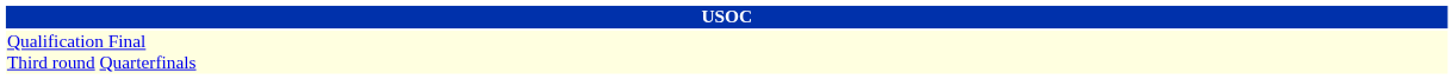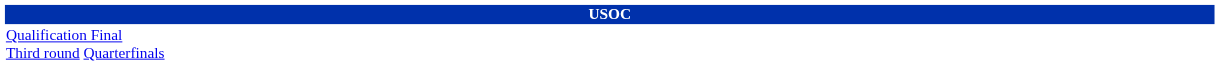 <table class="toccolours collapsible collapsed" style="width:100%;">
 <tr>
 <th colspan="11" style="background:#0031ab; color:#fff;">USOC</th>
 </tr>
 <tr>
-<td style="background: lightyellow;"><a href='#'>Qualification Final</a><br><a href='#'>Third round</a> <a href='#'>Quarterfinals</a> </td>
+<td><a href='#'>Qualification Final</a><br><a href='#'>Third round</a> <a href='#'>Quarterfinals</a> </td>
 </tr>
 </table>
